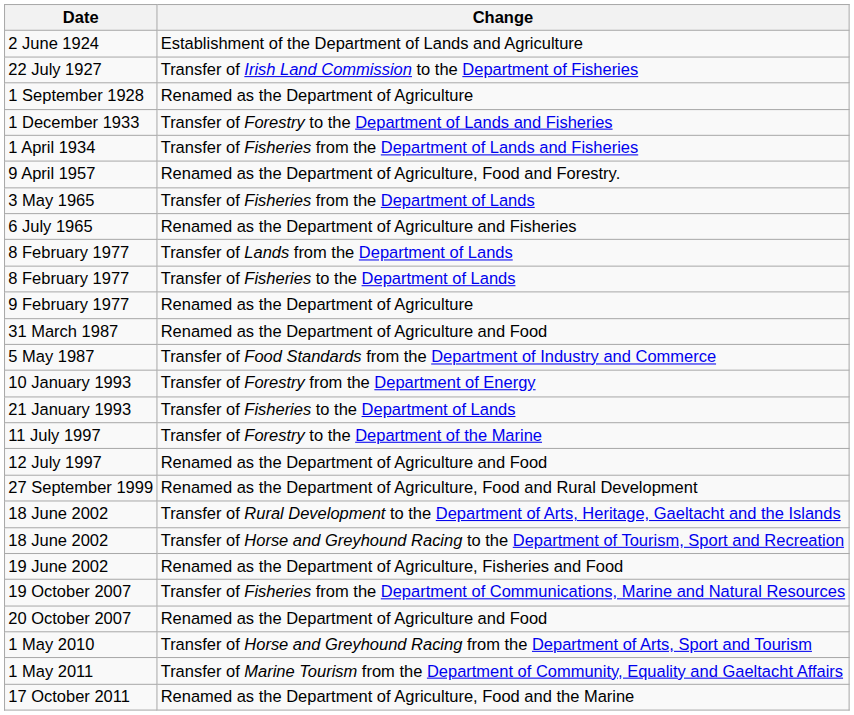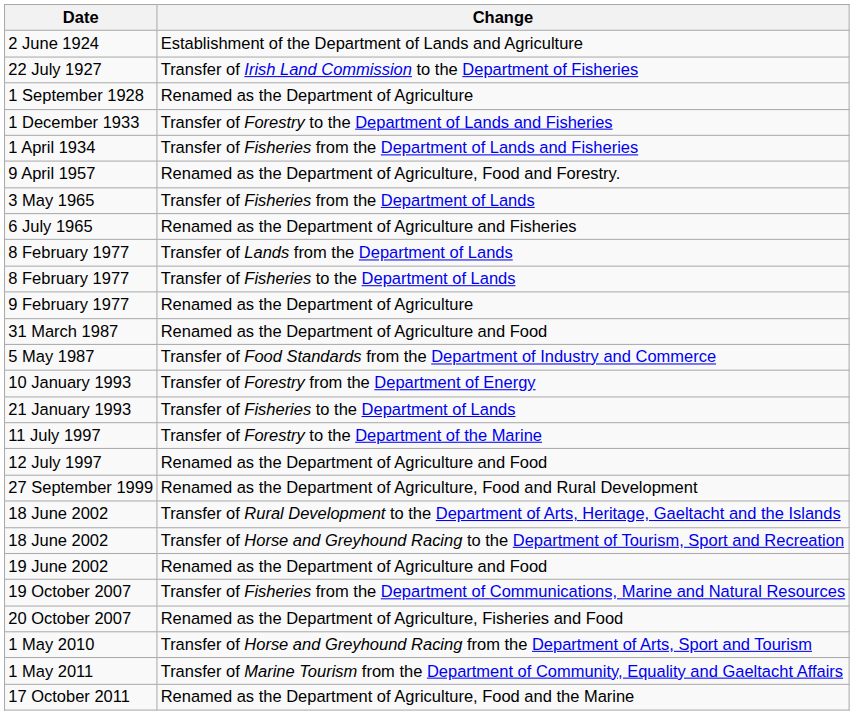 <table class="wikitable">
 <tr>
 <th>Date</th>
 <th>Change</th>
 </tr>
 <tr>
 <td>2 June 1924</td>
 <td>Establishment of the Department of Lands and Agriculture</td>
 </tr>
 <tr>
 <td>22 July 1927</td>
 <td>Transfer of <em><a href='#'>Irish Land Commission</a></em> to the <a href='#'>Department of Fisheries</a></td>
 </tr>
 <tr>
 <td>1 September 1928</td>
 <td>Renamed as the Department of Agriculture</td>
 </tr>
 <tr>
 <td>1 December 1933</td>
 <td>Transfer of <em>Forestry</em> to the <a href='#'>Department of Lands and Fisheries</a></td>
 </tr>
 <tr>
 <td>1 April 1934</td>
 <td>Transfer of <em>Fisheries</em> from the <a href='#'>Department of Lands and Fisheries</a></td>
 </tr>
 <tr>
 <td>9 April 1957</td>
 <td>Renamed as the Department of Agriculture, Food and Forestry.</td>
 </tr>
 <tr>
 <td>3 May 1965</td>
 <td>Transfer of <em>Fisheries</em> from the <a href='#'>Department of Lands</a></td>
 </tr>
 <tr>
 <td>6 July 1965</td>
 <td>Renamed as the Department of Agriculture and Fisheries</td>
 </tr>
 <tr>
 <td>8 February 1977</td>
 <td>Transfer of <em>Lands</em> from the <a href='#'>Department of Lands</a></td>
 </tr>
 <tr>
 <td>8 February 1977</td>
 <td>Transfer of <em>Fisheries</em> to the <a href='#'>Department of Lands</a></td>
 </tr>
 <tr>
 <td>9 February 1977</td>
 <td>Renamed as the Department of Agriculture</td>
 </tr>
 <tr>
 <td>31 March 1987</td>
 <td>Renamed as the Department of Agriculture and Food</td>
 </tr>
 <tr>
 <td>5 May 1987</td>
 <td>Transfer of <em>Food Standards</em> from the <a href='#'>Department of Industry and Commerce</a></td>
 </tr>
 <tr>
 <td>10 January 1993</td>
 <td>Transfer of <em>Forestry</em> from the <a href='#'>Department of Energy</a></td>
 </tr>
 <tr>
 <td>21 January 1993</td>
 <td>Transfer of <em>Fisheries</em> to the <a href='#'>Department of Lands</a></td>
 </tr>
 <tr>
 <td>11 July 1997</td>
 <td>Transfer of <em>Forestry</em> to the <a href='#'>Department of the Marine</a></td>
 </tr>
 <tr>
 <td>12 July 1997</td>
 <td>Renamed as the Department of Agriculture and Food</td>
 </tr>
 <tr>
 <td>27 September 1999</td>
 <td>Renamed as the Department of Agriculture, Food and Rural Development</td>
 </tr>
 <tr>
 <td>18 June 2002</td>
 <td>Transfer of <em>Rural Development</em> to the <a href='#'>Department of Arts, Heritage, Gaeltacht and the Islands</a></td>
 </tr>
 <tr>
 <td>18 June 2002</td>
 <td>Transfer of <em>Horse and Greyhound Racing</em> to the <a href='#'>Department of Tourism, Sport and Recreation</a></td>
 </tr>
 <tr>
 <td>19 June 2002</td>
-<td>Renamed as the Department of Agriculture, Fisheries and Food</td>
+<td>Renamed as the Department of Agriculture and Food</td>
 </tr>
 <tr>
 <td>19 October 2007</td>
 <td>Transfer of <em>Fisheries</em> from the <a href='#'>Department of Communications, Marine and Natural Resources</a></td>
 </tr>
 <tr>
 <td>20 October 2007</td>
-<td>Renamed as the Department of Agriculture and Food</td>
+<td>Renamed as the Department of Agriculture, Fisheries and Food</td>
 </tr>
 <tr>
 <td>1 May 2010</td>
 <td>Transfer of <em>Horse and Greyhound Racing</em> from the <a href='#'>Department of Arts, Sport and Tourism</a></td>
 </tr>
 <tr>
 <td>1 May 2011</td>
 <td>Transfer of <em>Marine Tourism</em> from the <a href='#'>Department of Community, Equality and Gaeltacht Affairs</a></td>
 </tr>
 <tr>
 <td>17 October 2011</td>
 <td>Renamed as the Department of Agriculture, Food and the Marine</td>
 </tr>
 </table>
